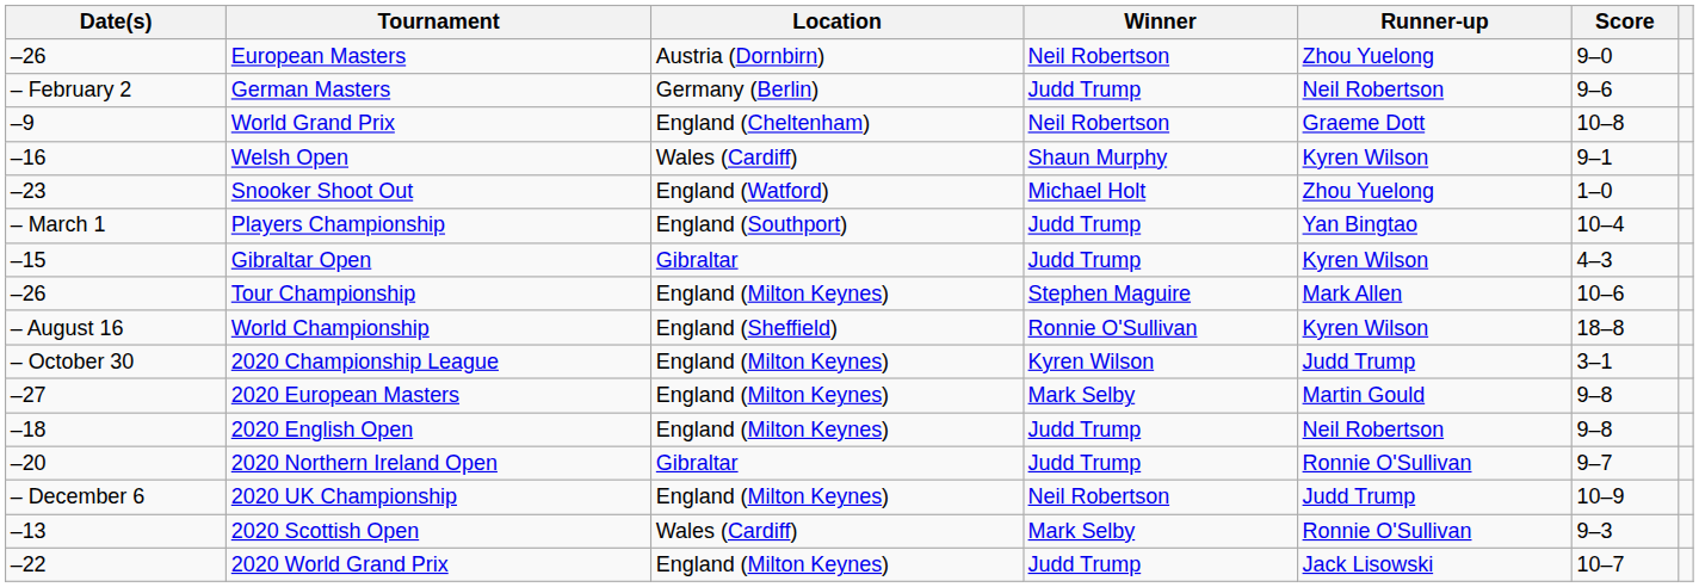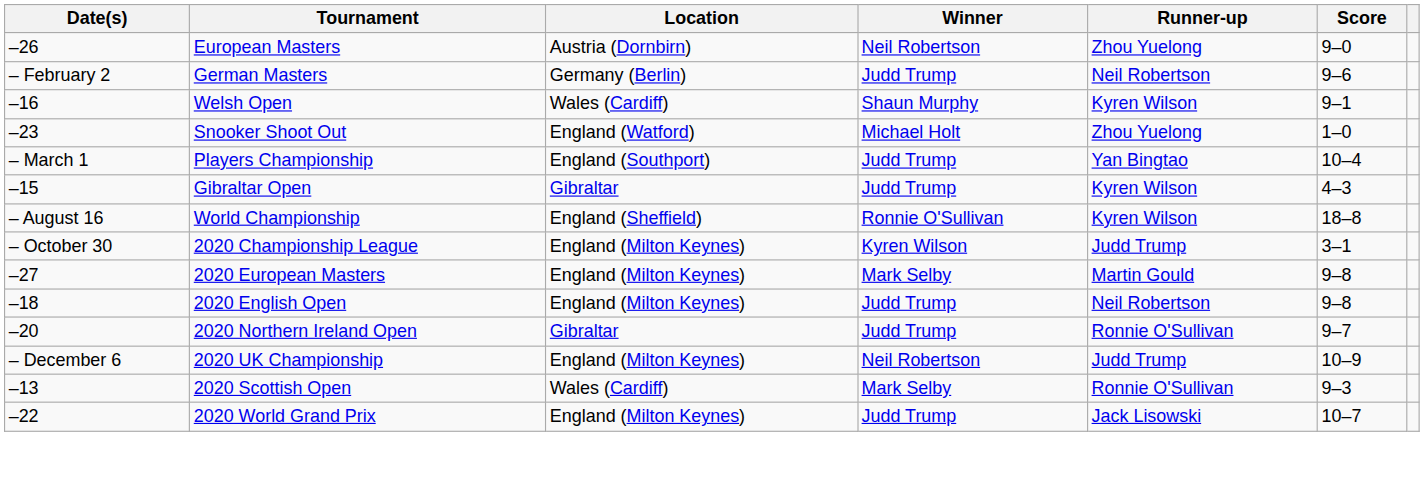 <table class="sortable wikitable" width="100%" cellpadding="5" style="margin: 1em auto 1em auto">
 <tr>
 <th scope="col">Date(s)</th>
 <th scope="col">Tournament</th>
 <th scope="col">Location</th>
 <th scope="col" class="unsortable">Winner</th>
 <th scope="col" class="unsortable">Runner-up</th>
 <th scope="col" class="unsortable">Score</th>
 <th scope="col" class="unsortable"></th>
 </tr>
 <tr>
 <td scope="row">–26</td>
 <td><a href='#'>European Masters</a></td>
 <td>Austria (<a href='#'>Dornbirn</a>)</td>
 <td><a href='#'>Neil Robertson</a></td>
 <td><a href='#'>Zhou Yuelong</a></td>
 <td>9–0</td>
 <td style="text-align:center;"></td>
 </tr>
 <tr>
 <td scope="row"> – February 2</td>
 <td><a href='#'>German Masters</a></td>
 <td>Germany (<a href='#'>Berlin</a>)</td>
 <td><a href='#'>Judd Trump</a></td>
 <td><a href='#'>Neil Robertson</a></td>
 <td>9–6</td>
-<td style="text-align:center;"></td>
-</tr>
-<tr>
-<td scope="row">–9</td>
-<td><a href='#'>World Grand Prix</a></td>
-<td>England (<a href='#'>Cheltenham</a>)</td>
-<td><a href='#'>Neil Robertson</a></td>
-<td><a href='#'>Graeme Dott</a></td>
-<td>10–8</td>
 <td style="text-align:center;"></td>
 </tr>
 <tr>
 <td scope="row">–16</td>
 <td><a href='#'>Welsh Open</a></td>
 <td>Wales (<a href='#'>Cardiff</a>)</td>
 <td><a href='#'>Shaun Murphy</a></td>
 <td><a href='#'>Kyren Wilson</a></td>
 <td>9–1</td>
 <td style="text-align:center;"></td>
 </tr>
 <tr>
 <td scope="row">–23</td>
 <td><a href='#'>Snooker Shoot Out</a></td>
 <td>England (<a href='#'>Watford</a>)</td>
 <td><a href='#'>Michael Holt</a></td>
 <td><a href='#'>Zhou Yuelong</a></td>
 <td>1–0</td>
 <td style="text-align:center;"></td>
 </tr>
 <tr>
 <td scope="row"> – March 1</td>
 <td><a href='#'>Players Championship</a></td>
 <td>England (<a href='#'>Southport</a>)</td>
 <td><a href='#'>Judd Trump</a></td>
 <td><a href='#'>Yan Bingtao</a></td>
 <td>10–4</td>
 <td style="text-align:center;"></td>
 </tr>
 <tr>
 <td scope="row">–15</td>
 <td><a href='#'>Gibraltar Open</a></td>
 <td><a href='#'>Gibraltar</a></td>
 <td><a href='#'>Judd Trump</a></td>
 <td><a href='#'>Kyren Wilson</a></td>
 <td>4–3</td>
-<td style="text-align:center;"></td>
-</tr>
-<tr>
-<td scope="row">–26</td>
-<td><a href='#'>Tour Championship</a></td>
-<td>England (<a href='#'>Milton Keynes</a>)</td>
-<td><a href='#'>Stephen Maguire</a></td>
-<td><a href='#'>Mark Allen</a></td>
-<td>10–6</td>
 <td style="text-align:center;"></td>
 </tr>
 <tr>
 <td scope="row"> – August 16</td>
 <td><a href='#'>World Championship</a></td>
 <td>England (<a href='#'>Sheffield</a>)</td>
 <td><a href='#'>Ronnie O'Sullivan</a></td>
 <td><a href='#'>Kyren Wilson</a></td>
 <td>18–8</td>
 <td style="text-align:center;"></td>
 </tr>
 <tr>
 <td scope="row"> – October 30</td>
 <td><a href='#'>2020 Championship League</a></td>
 <td>England (<a href='#'>Milton Keynes</a>)</td>
 <td><a href='#'>Kyren Wilson</a></td>
 <td><a href='#'>Judd Trump</a></td>
 <td>3–1</td>
 <td style="text-align:center;"></td>
 </tr>
 <tr>
 <td scope="row">–27</td>
 <td><a href='#'>2020 European Masters</a></td>
 <td>England (<a href='#'>Milton Keynes</a>)</td>
 <td><a href='#'>Mark Selby</a></td>
 <td><a href='#'>Martin Gould</a></td>
 <td>9–8</td>
 <td style="text-align:center;"></td>
 </tr>
 <tr>
 <td scope="row">–18</td>
 <td><a href='#'>2020 English Open</a></td>
 <td>England (<a href='#'>Milton Keynes</a>)</td>
 <td><a href='#'>Judd Trump</a></td>
 <td><a href='#'>Neil Robertson</a></td>
 <td>9–8</td>
 <td style="text-align:center;"></td>
 </tr>
 <tr>
 <td scope="row">–20</td>
 <td><a href='#'>2020 Northern Ireland Open</a></td>
 <td><a href='#'>Gibraltar</a></td>
 <td><a href='#'>Judd Trump</a></td>
 <td><a href='#'>Ronnie O'Sullivan</a></td>
 <td>9–7</td>
 <td style="text-align:center;"></td>
 </tr>
 <tr>
 <td scope="row"> – December 6</td>
 <td><a href='#'>2020 UK Championship</a></td>
 <td>England (<a href='#'>Milton Keynes</a>)</td>
 <td><a href='#'>Neil Robertson</a></td>
 <td><a href='#'>Judd Trump</a></td>
 <td>10–9</td>
 <td style="text-align:center;"></td>
 </tr>
 <tr>
 <td scope="row">–13</td>
 <td><a href='#'>2020 Scottish Open</a></td>
 <td>Wales (<a href='#'>Cardiff</a>)</td>
 <td><a href='#'>Mark Selby</a></td>
 <td><a href='#'>Ronnie O'Sullivan</a></td>
 <td>9–3</td>
 <td style="text-align:center;"></td>
 </tr>
 <tr>
 <td scope="row">–22</td>
 <td><a href='#'>2020 World Grand Prix</a></td>
 <td>England (<a href='#'>Milton Keynes</a>)</td>
 <td><a href='#'>Judd Trump</a></td>
 <td><a href='#'>Jack Lisowski</a></td>
 <td>10–7</td>
 <td style="text-align:center;"></td>
 </tr>
 </table>
